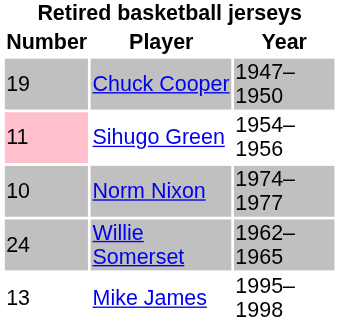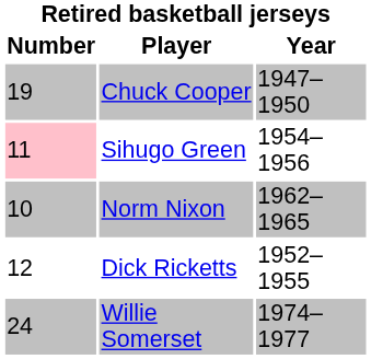 <table class="toccolours" style="float: right" width="250px">
 <tr>
 <th colspan="3" style="text-align: center; "><strong>Retired basketball jerseys</strong></th>
 </tr>
 <tr>
 <th>Number</th>
 <th>Player</th>
 <th>Year</th>
 </tr>
 <tr bgcolor=silver>
 <td>19</td>
 <td><a href='#'>Chuck Cooper</a></td>
 <td>1947–1950</td>
 </tr>
 <tr>
 <td style="background: pink;">11</td>
 <td><a href='#'>Sihugo Green</a></td>
 <td>1954–1956</td>
 </tr>
 <tr bgcolor=silver>
 <td>10</td>
 <td><a href='#'>Norm Nixon</a></td>
-<td>1974–1977</td>
+<td>1962–1965</td>
+</tr>
+<tr>
+<td>12</td>
+<td><a href='#'>Dick Ricketts</a></td>
+<td>1952–1955</td>
 </tr>
 <tr bgcolor=silver>
 <td>24</td>
 <td><a href='#'>Willie Somerset</a></td>
-<td>1962–1965</td>
-</tr>
-<tr>
-<td>13</td>
-<td><a href='#'>Mike James</a></td>
-<td>1995–1998</td>
+<td>1974–1977</td>
 </tr>
 </table>
